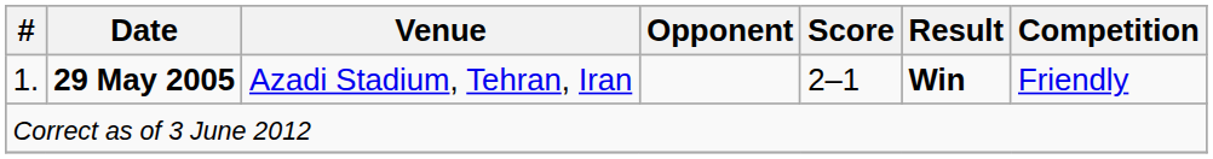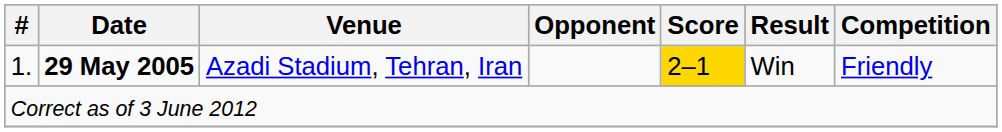 <table class="wikitable" style="font-size:95%;">
 <tr>
 <th>#</th>
 <th>Date</th>
 <th>Venue</th>
 <th>Opponent</th>
 <th>Score</th>
 <th>Result</th>
 <th>Competition</th>
 </tr>
 <tr>
 <td>1.</td>
 <td><strong>29 May 2005</strong></td>
 <td><a href='#'>Azadi Stadium</a>, <a href='#'>Tehran</a>, <a href='#'>Iran</a></td>
 <td></td>
-<td>2–1</td>
-<td><strong>Win</strong></td>
+<td style="background: gold;">2–1</td>
+<td>Win</td>
 <td><a href='#'>Friendly</a></td>
 </tr>
 <tr>
 <td colspan="12"><small><em>Correct as of 3 June 2012</em></small></td>
 </tr>
 <tr>
 </tr>
 </table>
